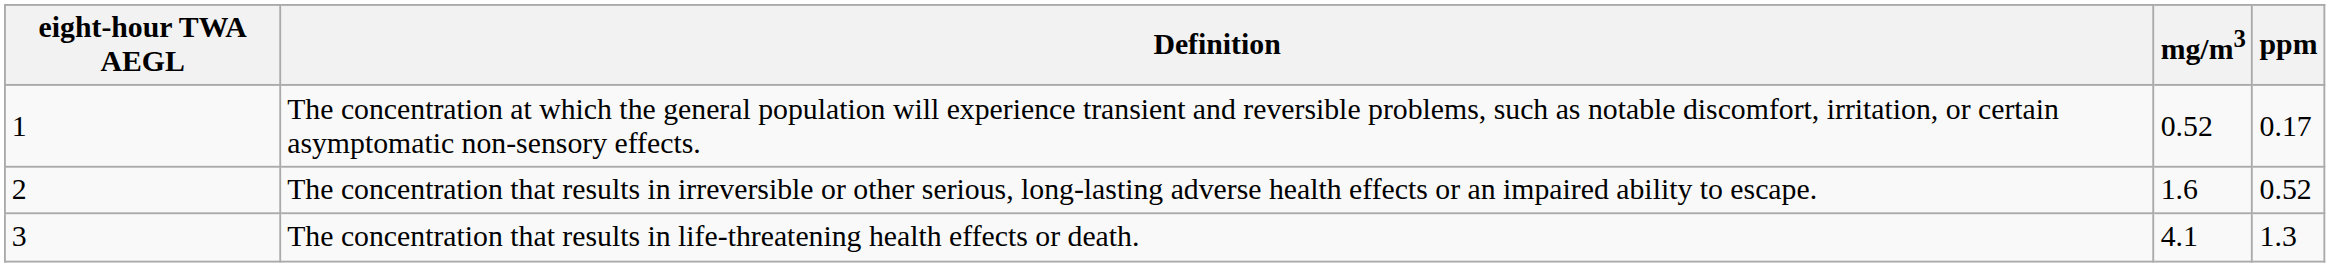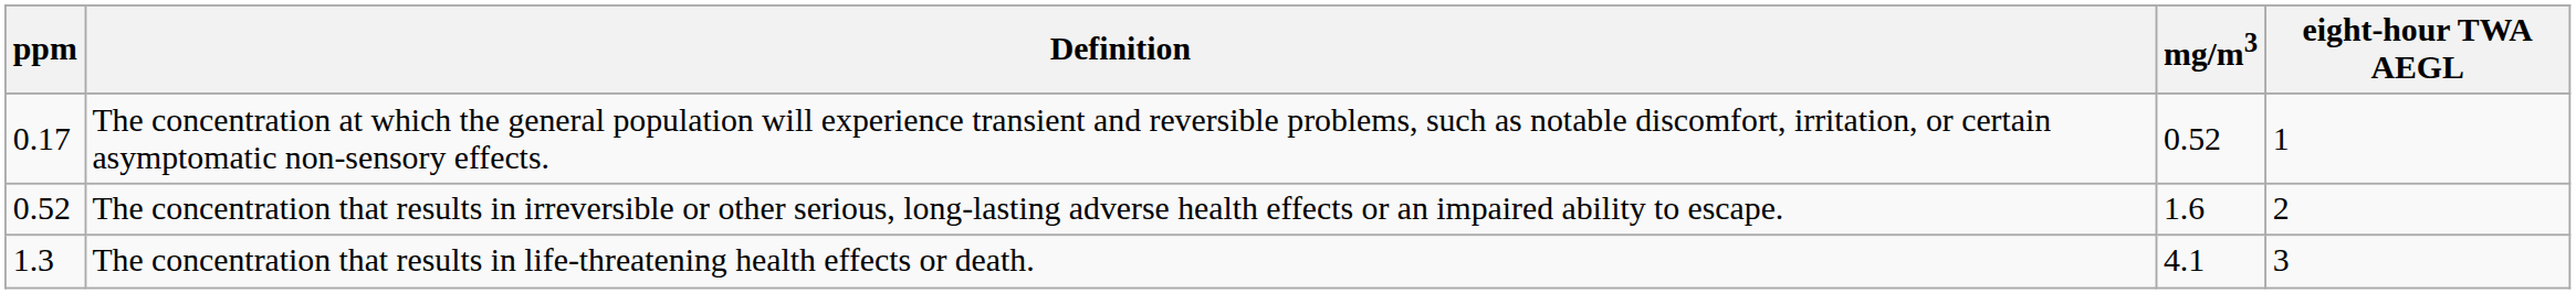 <table class="wikitable sortable">
 <tr>
-<th>eight-hour TWA AEGL</th>
+<th>ppm</th>
 <th>Definition</th>
 <th>mg/m<sup>3</sup></th>
-<th>ppm</th>
+<th>eight-hour TWA AEGL</th>
 </tr>
 <tr>
-<td>1</td>
+<td>0.17</td>
 <td>The concentration at which the general population will experience transient and reversible problems, such as notable discomfort, irritation, or certain asymptomatic non-sensory effects.</td>
 <td>0.52</td>
-<td>0.17</td>
+<td>1</td>
 </tr>
 <tr>
-<td>2</td>
+<td>0.52</td>
 <td>The concentration that results in irreversible or other serious, long-lasting adverse health effects or an impaired ability to escape.</td>
 <td>1.6</td>
-<td>0.52</td>
+<td>2</td>
 </tr>
 <tr>
-<td>3</td>
+<td>1.3</td>
 <td>The concentration that results in life-threatening health effects or death.</td>
 <td>4.1</td>
-<td>1.3</td>
+<td>3</td>
 </tr>
 </table>
